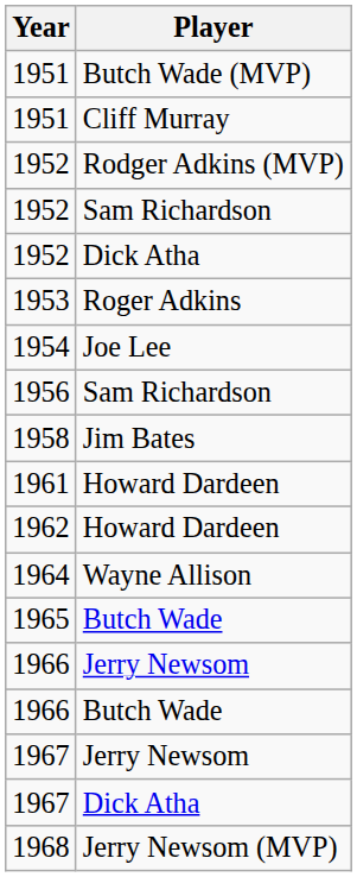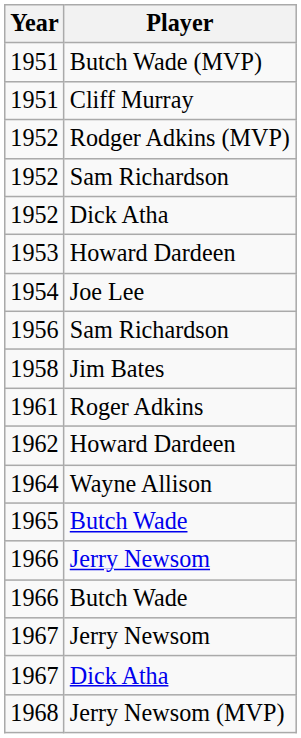 <table class="wikitable">
 <tr>
 <th>Year</th>
 <th>Player</th>
 </tr>
 <tr>
 <td>1951</td>
 <td>Butch Wade (MVP)</td>
 </tr>
 <tr>
 <td>1951</td>
 <td>Cliff Murray</td>
 </tr>
 <tr>
 <td>1952</td>
 <td>Rodger Adkins (MVP)</td>
 </tr>
 <tr>
 <td>1952</td>
 <td>Sam Richardson</td>
 </tr>
 <tr>
 <td>1952</td>
 <td>Dick Atha</td>
 </tr>
 <tr>
 <td>1953</td>
-<td>Roger Adkins</td>
+<td>Howard Dardeen</td>
 </tr>
 <tr>
 <td>1954</td>
 <td>Joe Lee</td>
 </tr>
 <tr>
 <td>1956</td>
 <td>Sam Richardson</td>
 </tr>
 <tr>
 <td>1958</td>
 <td>Jim Bates</td>
 </tr>
 <tr>
 <td>1961</td>
-<td>Howard Dardeen</td>
+<td>Roger Adkins</td>
 </tr>
 <tr>
 <td>1962</td>
 <td>Howard Dardeen</td>
 </tr>
 <tr>
 <td>1964</td>
 <td>Wayne Allison</td>
 </tr>
 <tr>
 <td>1965</td>
 <td><a href='#'>Butch Wade</a></td>
 </tr>
 <tr>
 <td>1966</td>
 <td><a href='#'>Jerry Newsom</a></td>
 </tr>
 <tr>
 <td>1966</td>
 <td>Butch Wade</td>
 </tr>
 <tr>
 <td>1967</td>
 <td>Jerry Newsom</td>
 </tr>
 <tr>
 <td>1967</td>
 <td><a href='#'>Dick Atha</a></td>
 </tr>
 <tr>
 <td>1968</td>
 <td>Jerry Newsom (MVP)</td>
 </tr>
 </table>
